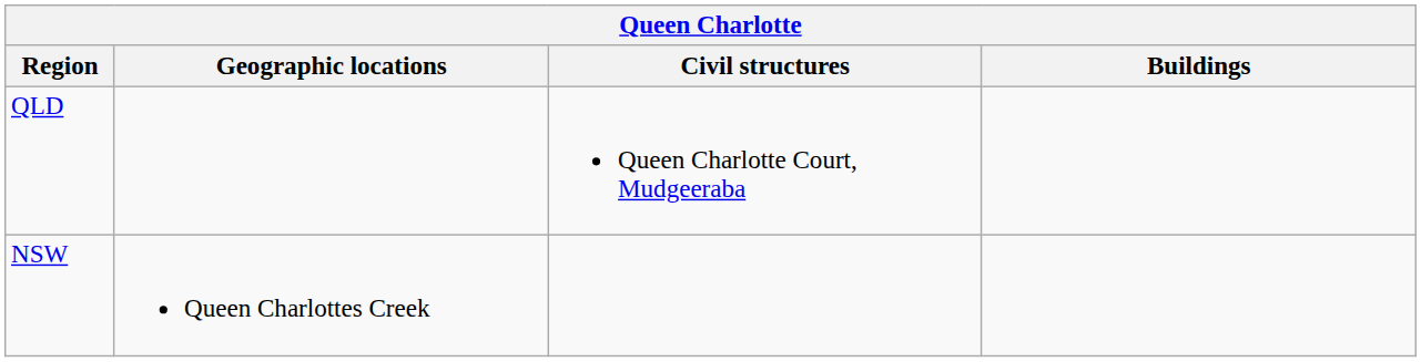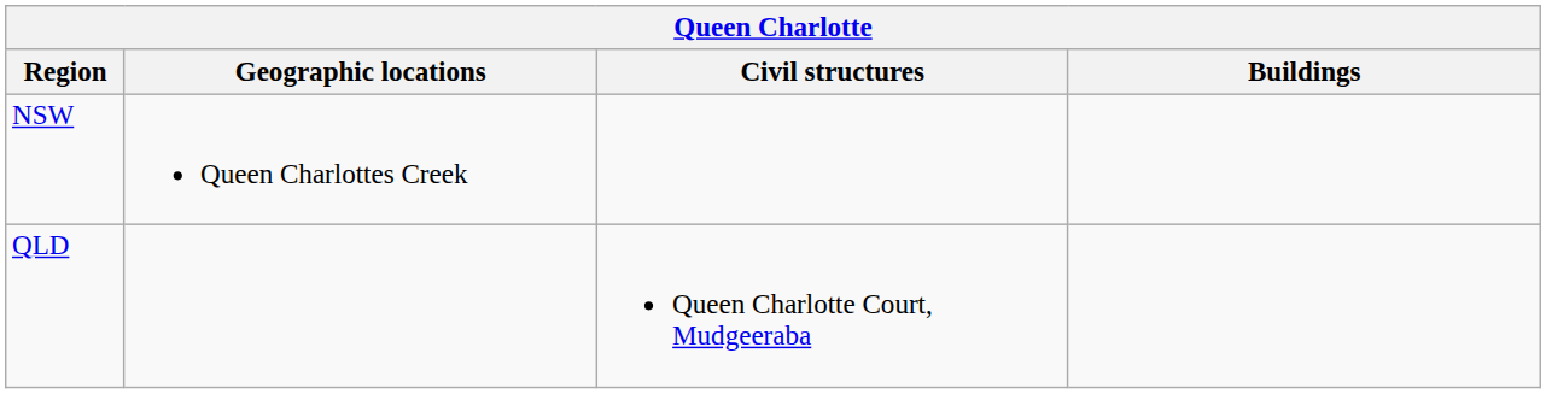 <table class="wikitable" width="100%">
 <tr>
 <th colspan="4"> <a href='#'>Queen Charlotte</a></th>
 </tr>
 <tr>
 <th width="5%">Region</th>
 <th width="23.75%">Geographic locations</th>
 <th width="23.75%">Civil structures</th>
 <th width="23.75%">Buildings</th>
 </tr>
 <tr>
+<td align=left valign=top> <a href='#'>NSW</a></td>
+<td align=left valign=top><br><ul><li>Queen Charlottes Creek</li></ul></td>
+<td></td>
+<td></td>
+</tr>
+<tr>
 <td align=left valign=top> <a href='#'>QLD</a></td>
 <td></td>
 <td><br><ul><li>Queen Charlotte Court, <a href='#'>Mudgeeraba</a></li></ul></td>
 <td></td>
 </tr>
-<tr>
-<td align=left valign=top> <a href='#'>NSW</a></td>
-<td align=left valign=top><br><ul><li>Queen Charlottes Creek</li></ul></td>
-<td></td>
-<td></td>
-</tr>
 </table>
